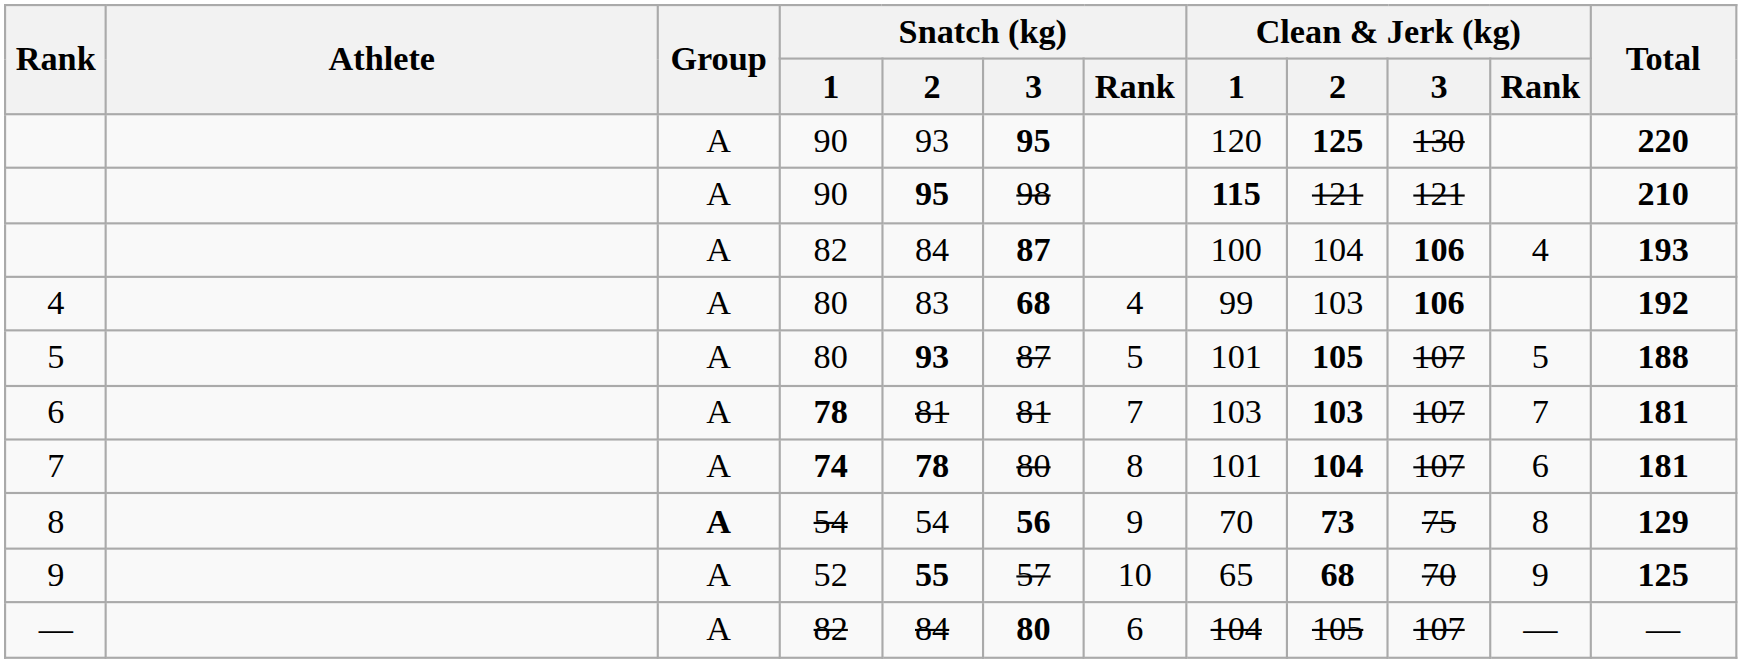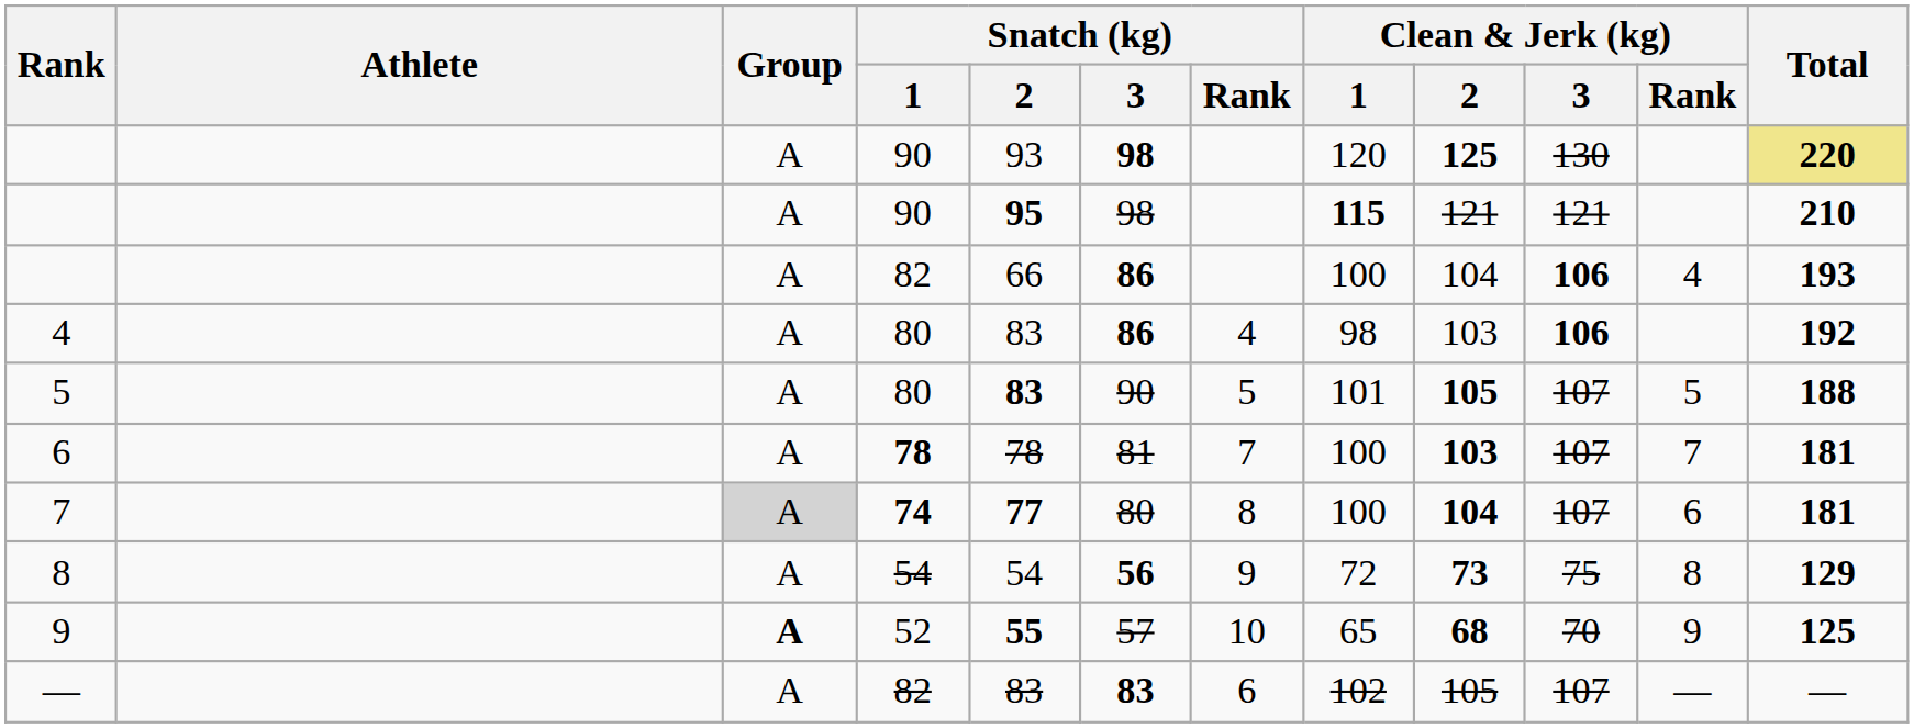 <table class = "wikitable" style="text-align:center;">
 <tr>
 <th rowspan=2 width=40>Rank</th>
 <th rowspan=2 width=250>Athlete</th>
 <th rowspan=2 width=50>Group</th>
 <th colspan=4>Snatch (kg)</th>
 <th colspan=4>Clean & Jerk (kg)</th>
 <th rowspan=2 width=60>Total</th>
 </tr>
 <tr>
 <th width=40>1</th>
 <th width=40>2</th>
 <th width=40>3</th>
 <th width=40>Rank</th>
 <th width=40>1</th>
 <th width=40>2</th>
 <th width=40>3</th>
 <th width=40>Rank</th>
 </tr>
 <tr>
 <td></td>
 <td align=left></td>
 <td>A</td>
 <td>90</td>
 <td>93</td>
-<td><strong>95</strong></td>
+<td><strong>98</strong></td>
 <td></td>
 <td>120</td>
 <td><strong>125</strong></td>
 <td><s>130</s></td>
 <td></td>
-<td><strong>220</strong></td>
+<td style="background: khaki;"><strong>220</strong></td>
 </tr>
 <tr>
 <td></td>
 <td align=left></td>
 <td>A</td>
 <td>90</td>
 <td><strong>95</strong></td>
 <td><s>98</s></td>
 <td></td>
 <td><strong>115</strong></td>
 <td><s>121</s></td>
 <td><s>121</s></td>
 <td></td>
 <td><strong>210</strong></td>
 </tr>
 <tr>
 <td></td>
 <td align=left></td>
 <td>A</td>
 <td>82</td>
-<td>84</td>
-<td><strong>87</strong></td>
+<td>66</td>
+<td><strong>86</strong></td>
 <td></td>
 <td>100</td>
 <td>104</td>
 <td><strong>106</strong></td>
 <td>4</td>
 <td><strong>193</strong></td>
 </tr>
 <tr>
 <td>4</td>
 <td align=left></td>
 <td>A</td>
 <td>80</td>
 <td>83</td>
-<td><strong>68</strong></td>
+<td><strong>86</strong></td>
 <td>4</td>
-<td>99</td>
+<td>98</td>
 <td>103</td>
 <td><strong>106</strong></td>
 <td></td>
 <td><strong>192</strong></td>
 </tr>
 <tr>
 <td>5</td>
 <td align=left></td>
 <td>A</td>
 <td>80</td>
-<td><strong>93</strong></td>
-<td><s>87</s></td>
+<td><strong>83</strong></td>
+<td><s>90</s></td>
 <td>5</td>
 <td>101</td>
 <td><strong>105</strong></td>
 <td><s>107</s></td>
 <td>5</td>
 <td><strong>188</strong></td>
 </tr>
 <tr>
 <td>6</td>
 <td align=left></td>
 <td>A</td>
 <td><strong>78</strong></td>
-<td><s>81</s></td>
+<td><s>78</s></td>
 <td><s>81</s></td>
 <td>7</td>
-<td>103</td>
+<td>100</td>
 <td><strong>103</strong></td>
 <td><s>107</s></td>
 <td>7</td>
 <td><strong>181</strong></td>
 </tr>
 <tr>
 <td>7</td>
 <td align=left></td>
-<td>A</td>
+<td style="background: lightgrey;">A</td>
 <td><strong>74</strong></td>
-<td><strong>78</strong></td>
+<td><strong>77</strong></td>
 <td><s>80</s></td>
 <td>8</td>
-<td>101</td>
+<td>100</td>
 <td><strong>104</strong></td>
 <td><s>107</s></td>
 <td>6</td>
 <td><strong>181</strong></td>
 </tr>
 <tr>
 <td>8</td>
 <td align=left></td>
-<td><strong>A</strong></td>
+<td>A</td>
 <td><s>54</s></td>
 <td>54</td>
 <td><strong>56</strong></td>
 <td>9</td>
-<td>70</td>
+<td>72</td>
 <td><strong>73</strong></td>
 <td><s>75</s></td>
 <td>8</td>
 <td><strong>129</strong></td>
 </tr>
 <tr>
 <td>9</td>
 <td align=left></td>
-<td>A</td>
+<td><strong>A</strong></td>
 <td>52</td>
 <td><strong>55</strong></td>
 <td><s>57</s></td>
 <td>10</td>
 <td>65</td>
 <td><strong>68</strong></td>
 <td><s>70</s></td>
 <td>9</td>
 <td><strong>125</strong></td>
 </tr>
 <tr>
 <td>—</td>
 <td align=left></td>
 <td>A</td>
 <td><s>82</s></td>
-<td><s>84</s></td>
-<td><strong>80</strong></td>
+<td><s>83</s></td>
+<td><strong>83</strong></td>
 <td>6</td>
-<td><s>104</s></td>
+<td><s>102</s></td>
 <td><s>105</s></td>
 <td><s>107</s></td>
 <td>—</td>
 <td>—</td>
 </tr>
 </table>
